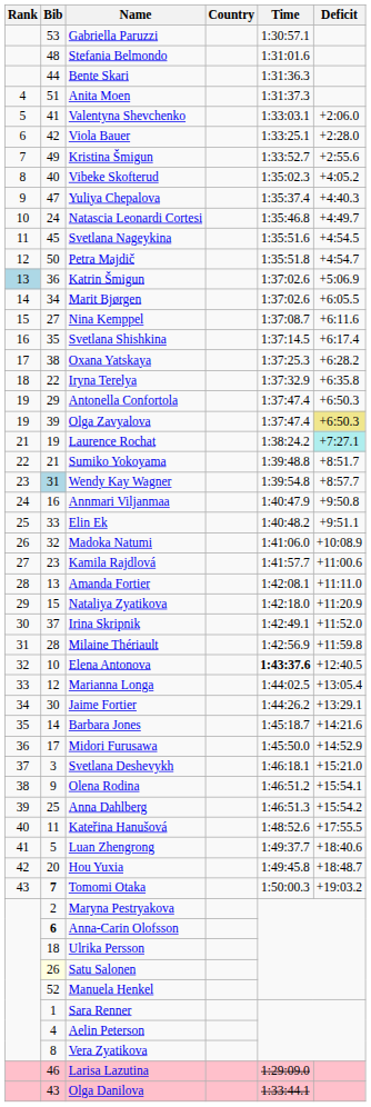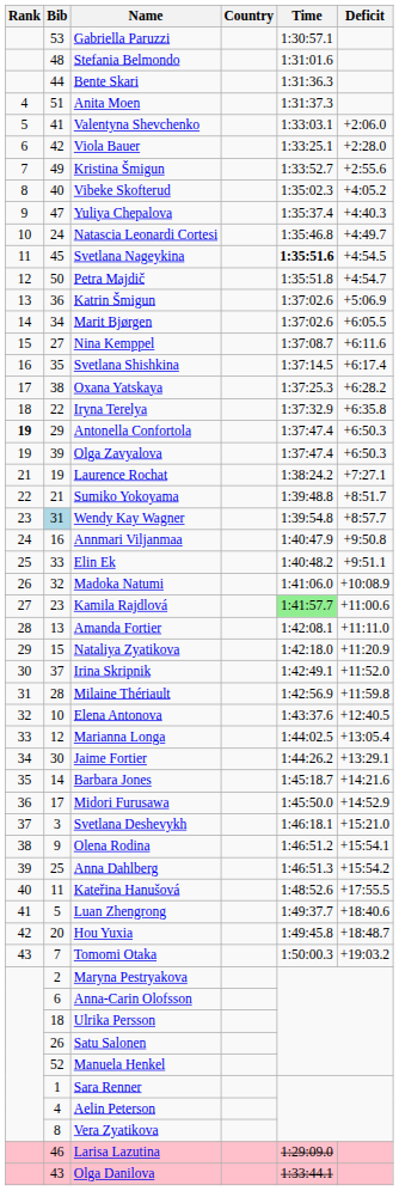 <table class="wikitable sortable" style="text-align:center">
 <tr>
 <th>Rank</th>
 <th>Bib</th>
 <th>Name</th>
 <th>Country</th>
 <th>Time</th>
 <th>Deficit</th>
 </tr>
 <tr>
 <td></td>
 <td>53</td>
 <td align=left><a href='#'>Gabriella Paruzzi</a></td>
 <td align=left></td>
 <td>1:30:57.1</td>
 <td></td>
 </tr>
 <tr>
 <td></td>
 <td>48</td>
 <td align=left><a href='#'>Stefania Belmondo</a></td>
 <td align=left></td>
 <td>1:31:01.6</td>
 <td></td>
 </tr>
 <tr>
 <td></td>
 <td>44</td>
 <td align=left><a href='#'>Bente Skari</a></td>
 <td align=left></td>
 <td>1:31:36.3</td>
 <td></td>
 </tr>
 <tr>
 <td>4</td>
 <td>51</td>
 <td align=left><a href='#'>Anita Moen</a></td>
 <td align=left></td>
 <td>1:31:37.3</td>
 <td></td>
 </tr>
 <tr>
 <td>5</td>
 <td>41</td>
 <td align=left><a href='#'>Valentyna Shevchenko</a></td>
 <td align=left></td>
 <td>1:33:03.1</td>
 <td>+2:06.0</td>
 </tr>
 <tr>
 <td>6</td>
 <td>42</td>
 <td align=left><a href='#'>Viola Bauer</a></td>
 <td align=left></td>
 <td>1:33:25.1</td>
 <td>+2:28.0</td>
 </tr>
 <tr>
 <td>7</td>
 <td>49</td>
 <td align=left><a href='#'>Kristina Šmigun</a></td>
 <td align=left></td>
 <td>1:33:52.7</td>
 <td>+2:55.6</td>
 </tr>
 <tr>
 <td>8</td>
 <td>40</td>
 <td align=left><a href='#'>Vibeke Skofterud</a></td>
 <td align=left></td>
 <td>1:35:02.3</td>
 <td>+4:05.2</td>
 </tr>
 <tr>
 <td>9</td>
 <td>47</td>
 <td align=left><a href='#'>Yuliya Chepalova</a></td>
 <td align=left></td>
 <td>1:35:37.4</td>
 <td>+4:40.3</td>
 </tr>
 <tr>
 <td>10</td>
 <td>24</td>
 <td align=left><a href='#'>Natascia Leonardi Cortesi</a></td>
 <td align=left></td>
 <td>1:35:46.8</td>
 <td>+4:49.7</td>
 </tr>
 <tr>
 <td>11</td>
 <td>45</td>
 <td align=left><a href='#'>Svetlana Nageykina</a></td>
 <td align=left></td>
-<td>1:35:51.6</td>
+<td><strong>1:35:51.6</strong></td>
 <td>+4:54.5</td>
 </tr>
 <tr>
 <td>12</td>
 <td>50</td>
 <td align=left><a href='#'>Petra Majdič</a></td>
 <td align=left></td>
 <td>1:35:51.8</td>
 <td>+4:54.7</td>
 </tr>
 <tr>
-<td style="background: lightblue;">13</td>
+<td>13</td>
 <td>36</td>
 <td align=left><a href='#'>Katrin Šmigun</a></td>
 <td align=left></td>
 <td>1:37:02.6</td>
 <td>+5:06.9</td>
 </tr>
 <tr>
 <td>14</td>
 <td>34</td>
 <td align=left><a href='#'>Marit Bjørgen</a></td>
 <td align=left></td>
 <td>1:37:02.6</td>
 <td>+6:05.5</td>
 </tr>
 <tr>
 <td>15</td>
 <td>27</td>
 <td align=left><a href='#'>Nina Kemppel</a></td>
 <td align=left></td>
 <td>1:37:08.7</td>
 <td>+6:11.6</td>
 </tr>
 <tr>
 <td>16</td>
 <td>35</td>
 <td align=left><a href='#'>Svetlana Shishkina</a></td>
 <td align=left></td>
 <td>1:37:14.5</td>
 <td>+6:17.4</td>
 </tr>
 <tr>
 <td>17</td>
 <td>38</td>
 <td align=left><a href='#'>Oxana Yatskaya</a></td>
 <td align=left></td>
 <td>1:37:25.3</td>
 <td>+6:28.2</td>
 </tr>
 <tr>
 <td>18</td>
 <td>22</td>
 <td align=left><a href='#'>Iryna Terelya</a></td>
 <td align=left></td>
 <td>1:37:32.9</td>
 <td>+6:35.8</td>
 </tr>
 <tr>
-<td>19</td>
+<td><strong>19</strong></td>
 <td>29</td>
 <td align=left><a href='#'>Antonella Confortola</a></td>
 <td align=left></td>
 <td>1:37:47.4</td>
 <td>+6:50.3</td>
 </tr>
 <tr>
 <td>19</td>
 <td>39</td>
 <td align=left><a href='#'>Olga Zavyalova</a></td>
 <td align=left></td>
 <td>1:37:47.4</td>
-<td style="background: khaki;">+6:50.3</td>
+<td>+6:50.3</td>
 </tr>
 <tr>
 <td>21</td>
 <td>19</td>
 <td align=left><a href='#'>Laurence Rochat</a></td>
 <td align=left></td>
 <td>1:38:24.2</td>
-<td style="background: paleturquoise;">+7:27.1</td>
+<td>+7:27.1</td>
 </tr>
 <tr>
 <td>22</td>
 <td>21</td>
 <td align=left><a href='#'>Sumiko Yokoyama</a></td>
 <td align=left></td>
 <td>1:39:48.8</td>
 <td>+8:51.7</td>
 </tr>
 <tr>
 <td>23</td>
 <td style="background: lightblue;">31</td>
 <td align=left><a href='#'>Wendy Kay Wagner</a></td>
 <td align=left></td>
 <td>1:39:54.8</td>
 <td>+8:57.7</td>
 </tr>
 <tr>
 <td>24</td>
 <td>16</td>
 <td align=left><a href='#'>Annmari Viljanmaa</a></td>
 <td align=left></td>
 <td>1:40:47.9</td>
 <td>+9:50.8</td>
 </tr>
 <tr>
 <td>25</td>
 <td>33</td>
 <td align=left><a href='#'>Elin Ek</a></td>
 <td align=left></td>
 <td>1:40:48.2</td>
 <td>+9:51.1</td>
 </tr>
 <tr>
 <td>26</td>
 <td>32</td>
 <td align=left><a href='#'>Madoka Natumi</a></td>
 <td align=left></td>
 <td>1:41:06.0</td>
 <td>+10:08.9</td>
 </tr>
 <tr>
 <td>27</td>
 <td>23</td>
 <td align=left><a href='#'>Kamila Rajdlová</a></td>
 <td align=left></td>
-<td>1:41:57.7</td>
+<td style="background: lightgreen;">1:41:57.7</td>
 <td>+11:00.6</td>
 </tr>
 <tr>
 <td>28</td>
 <td>13</td>
 <td align=left><a href='#'>Amanda Fortier</a></td>
 <td align=left></td>
 <td>1:42:08.1</td>
 <td>+11:11.0</td>
 </tr>
 <tr>
 <td>29</td>
 <td>15</td>
 <td align=left><a href='#'>Nataliya Zyatikova</a></td>
 <td align=left></td>
 <td>1:42:18.0</td>
 <td>+11:20.9</td>
 </tr>
 <tr>
 <td>30</td>
 <td>37</td>
 <td align=left><a href='#'>Irina Skripnik</a></td>
 <td align=left></td>
 <td>1:42:49.1</td>
 <td>+11:52.0</td>
 </tr>
 <tr>
 <td>31</td>
 <td>28</td>
 <td align=left><a href='#'>Milaine Thériault</a></td>
 <td align=left></td>
 <td>1:42:56.9</td>
 <td>+11:59.8</td>
 </tr>
 <tr>
 <td>32</td>
 <td>10</td>
 <td align=left><a href='#'>Elena Antonova</a></td>
 <td align=left></td>
-<td><strong>1:43:37.6</strong></td>
+<td>1:43:37.6</td>
 <td>+12:40.5</td>
 </tr>
 <tr>
 <td>33</td>
 <td>12</td>
 <td align=left><a href='#'>Marianna Longa</a></td>
 <td align=left></td>
 <td>1:44:02.5</td>
 <td>+13:05.4</td>
 </tr>
 <tr>
 <td>34</td>
 <td>30</td>
 <td align=left><a href='#'>Jaime Fortier</a></td>
 <td align=left></td>
 <td>1:44:26.2</td>
 <td>+13:29.1</td>
 </tr>
 <tr>
 <td>35</td>
 <td>14</td>
 <td align=left><a href='#'>Barbara Jones</a></td>
 <td align=left></td>
 <td>1:45:18.7</td>
 <td>+14:21.6</td>
 </tr>
 <tr>
 <td>36</td>
 <td>17</td>
 <td align=left><a href='#'>Midori Furusawa</a></td>
 <td align=left></td>
 <td>1:45:50.0</td>
 <td>+14:52.9</td>
 </tr>
 <tr>
 <td>37</td>
 <td>3</td>
 <td align=left><a href='#'>Svetlana Deshevykh</a></td>
 <td align=left></td>
 <td>1:46:18.1</td>
 <td>+15:21.0</td>
 </tr>
 <tr>
 <td>38</td>
 <td>9</td>
 <td align=left><a href='#'>Olena Rodina</a></td>
 <td align=left></td>
 <td>1:46:51.2</td>
 <td>+15:54.1</td>
 </tr>
 <tr>
 <td>39</td>
 <td>25</td>
 <td align=left><a href='#'>Anna Dahlberg</a></td>
 <td align=left></td>
 <td>1:46:51.3</td>
 <td>+15:54.2</td>
 </tr>
 <tr>
 <td>40</td>
 <td>11</td>
 <td align=left><a href='#'>Kateřina Hanušová</a></td>
 <td align=left></td>
 <td>1:48:52.6</td>
 <td>+17:55.5</td>
 </tr>
 <tr>
 <td>41</td>
 <td>5</td>
 <td align=left><a href='#'>Luan Zhengrong</a></td>
 <td align=left></td>
 <td>1:49:37.7</td>
 <td>+18:40.6</td>
 </tr>
 <tr>
 <td>42</td>
 <td>20</td>
 <td align=left><a href='#'>Hou Yuxia</a></td>
 <td align=left></td>
 <td>1:49:45.8</td>
 <td>+18:48.7</td>
 </tr>
 <tr>
 <td>43</td>
-<td><strong>7</strong></td>
+<td>7</td>
 <td align=left><a href='#'>Tomomi Otaka</a></td>
 <td align=left></td>
 <td>1:50:00.3</td>
 <td>+19:03.2</td>
 </tr>
 <tr>
 <td rowspan=8></td>
 <td>2</td>
 <td align=left><a href='#'>Maryna Pestryakova</a></td>
 <td align=left></td>
 <td colspan=2 rowspan=5></td>
 </tr>
 <tr>
-<td><strong>6</strong></td>
+<td>6</td>
 <td align=left><a href='#'>Anna-Carin Olofsson</a></td>
 <td align=left></td>
 </tr>
 <tr>
 <td>18</td>
 <td align=left><a href='#'>Ulrika Persson</a></td>
 <td align=left></td>
 </tr>
 <tr>
-<td style="background: lightyellow;">26</td>
+<td>26</td>
 <td align=left><a href='#'>Satu Salonen</a></td>
 <td align=left></td>
 </tr>
 <tr>
 <td>52</td>
 <td align=left><a href='#'>Manuela Henkel</a></td>
 <td align=left></td>
 </tr>
 <tr>
 <td>1</td>
 <td align=left><a href='#'>Sara Renner</a></td>
 <td align=left></td>
 <td colspan=2 rowspan=3></td>
 </tr>
 <tr>
 <td>4</td>
 <td align=left><a href='#'>Aelin Peterson</a></td>
 <td align=left></td>
 </tr>
 <tr>
 <td>8</td>
 <td align=left><a href='#'>Vera Zyatikova</a></td>
 <td align=left></td>
 </tr>
 <tr bgcolor=pink>
 <td></td>
 <td>46</td>
 <td align=left><a href='#'>Larisa Lazutina</a></td>
 <td align=left></td>
 <td><s>1:29:09.0</s></td>
 <td></td>
 </tr>
 <tr bgcolor=pink>
 <td></td>
 <td>43</td>
 <td align=left><a href='#'>Olga Danilova</a></td>
 <td align=left></td>
 <td><s>1:33:44.1</s></td>
 <td></td>
 </tr>
 </table>
